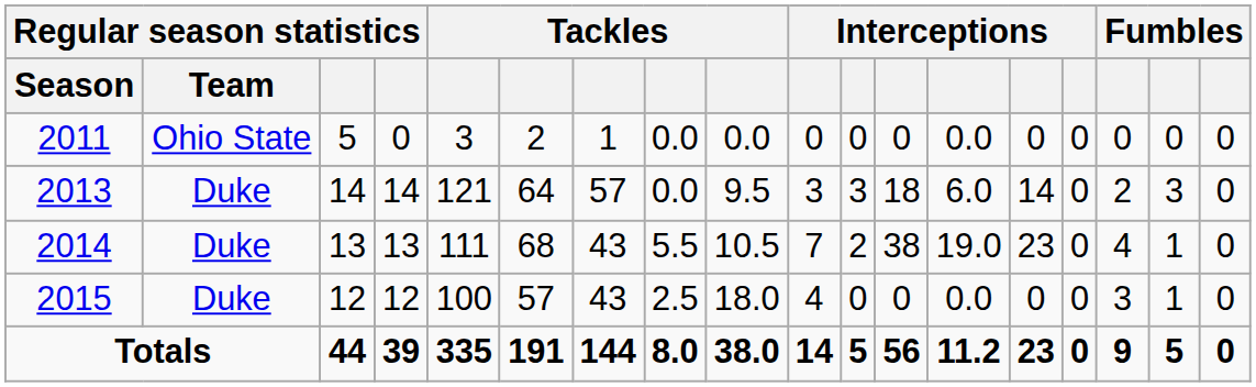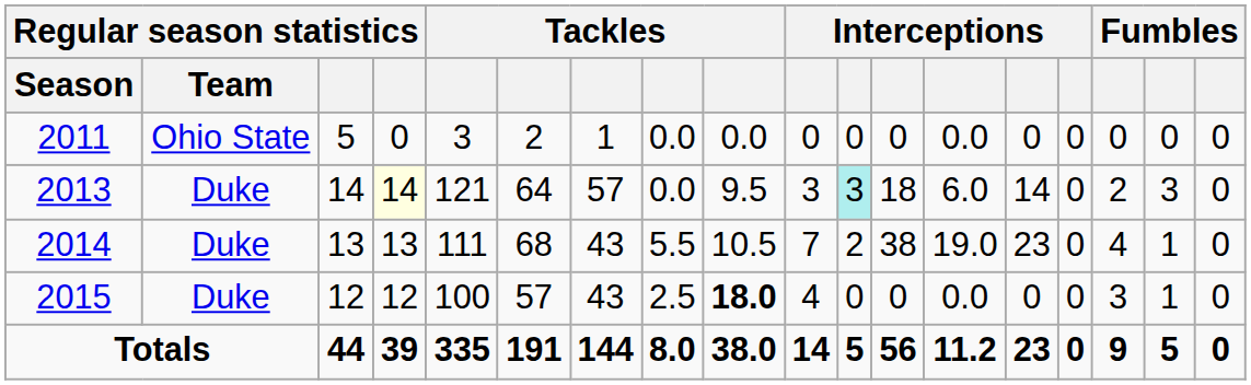 <table class="wikitable" style="text-align:center;">
 <tr>
 <th colspan="4">Regular season statistics</th>
 <th colspan="5">Tackles</th>
 <th colspan="6">Interceptions</th>
 <th colspan="3">Fumbles</th>
 </tr>
 <tr>
 <th>Season</th>
 <th>Team</th>
 <th></th>
 <th></th>
 <th></th>
 <th></th>
 <th></th>
 <th></th>
 <th></th>
 <th></th>
 <th></th>
 <th></th>
 <th></th>
 <th></th>
 <th></th>
 <th></th>
 <th></th>
 <th></th>
 </tr>
 <tr>
 <td><a href='#'>2011</a></td>
 <td><a href='#'>Ohio State</a></td>
 <td>5</td>
 <td>0</td>
 <td>3</td>
 <td>2</td>
 <td>1</td>
 <td>0.0</td>
 <td>0.0</td>
 <td>0</td>
 <td>0</td>
 <td>0</td>
 <td>0.0</td>
 <td>0</td>
 <td>0</td>
 <td>0</td>
 <td>0</td>
 <td>0</td>
 </tr>
 <tr>
 <td><a href='#'>2013</a></td>
 <td><a href='#'>Duke</a></td>
 <td>14</td>
-<td>14</td>
+<td style="background: lightyellow;">14</td>
 <td>121</td>
 <td>64</td>
 <td>57</td>
 <td>0.0</td>
 <td>9.5</td>
 <td>3</td>
-<td>3</td>
+<td style="background: paleturquoise;">3</td>
 <td>18</td>
 <td>6.0</td>
 <td>14</td>
 <td>0</td>
 <td>2</td>
 <td>3</td>
 <td>0</td>
 </tr>
 <tr>
 <td><a href='#'>2014</a></td>
 <td><a href='#'>Duke</a></td>
 <td>13</td>
 <td>13</td>
 <td>111</td>
 <td>68</td>
 <td>43</td>
 <td>5.5</td>
 <td>10.5</td>
 <td>7</td>
 <td>2</td>
 <td>38</td>
 <td>19.0</td>
 <td>23</td>
 <td>0</td>
 <td>4</td>
 <td>1</td>
 <td>0</td>
 </tr>
 <tr>
 <td><a href='#'>2015</a></td>
 <td><a href='#'>Duke</a></td>
 <td>12</td>
 <td>12</td>
 <td>100</td>
 <td>57</td>
 <td>43</td>
 <td>2.5</td>
-<td>18.0</td>
+<td><strong>18.0</strong></td>
 <td>4</td>
 <td>0</td>
 <td>0</td>
 <td>0.0</td>
 <td>0</td>
 <td>0</td>
 <td>3</td>
 <td>1</td>
 <td>0</td>
 </tr>
 <tr>
 <td colspan="2"><strong>Totals</strong></td>
 <td><strong>44</strong></td>
 <td><strong>39</strong></td>
 <td><strong>335</strong></td>
 <td><strong>191</strong></td>
 <td><strong>144</strong></td>
 <td><strong>8.0</strong></td>
 <td><strong>38.0</strong></td>
 <td><strong>14</strong></td>
 <td><strong>5</strong></td>
 <td><strong>56</strong></td>
 <td><strong>11.2</strong></td>
 <td><strong>23</strong></td>
 <td><strong>0</strong></td>
 <td><strong>9</strong></td>
 <td><strong>5</strong></td>
 <td><strong>0</strong></td>
 </tr>
 </table>
